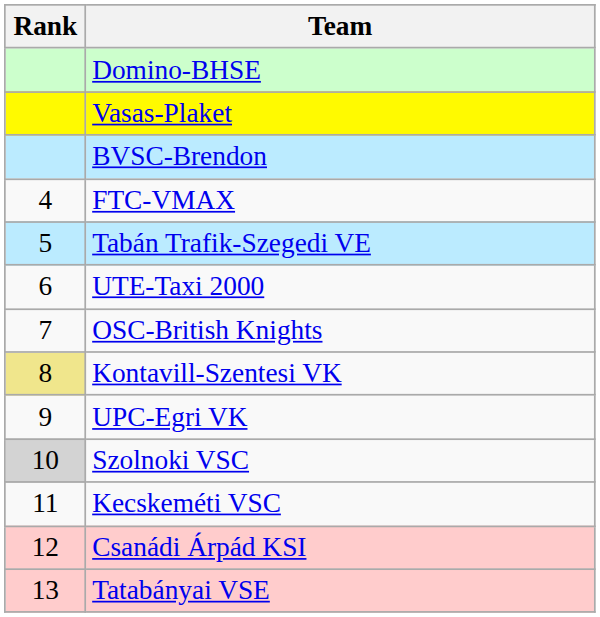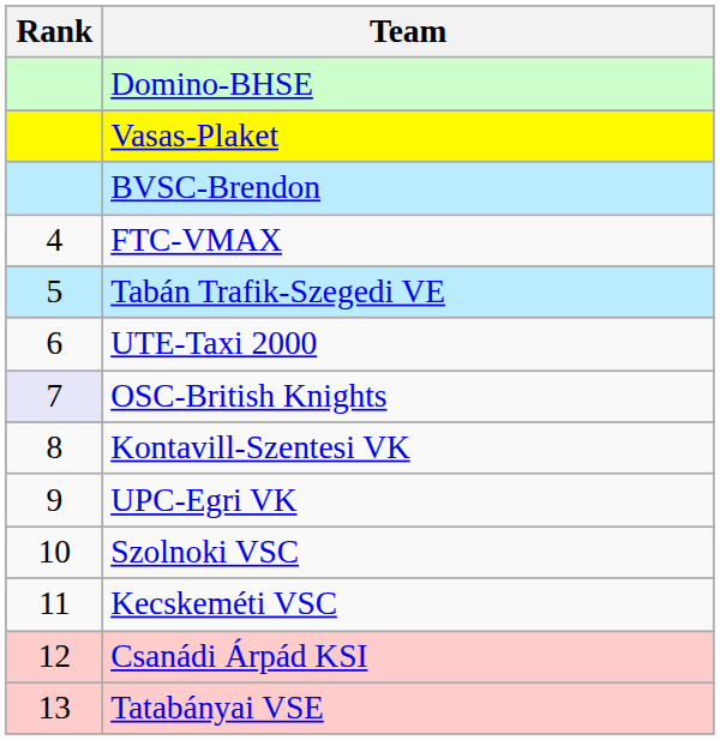 <table class="wikitable">
 <tr>
 <th width=40>Rank</th>
 <th width=290>Team</th>
 </tr>
 <tr bgcolor=#ccffcc>
 <td align="center"></td>
 <td align="left"> <a href='#'>Domino-BHSE</a></td>
 </tr>
 <tr bgcolor=#fffa00>
 <td align="center"></td>
 <td align="left"> <a href='#'>Vasas-Plaket</a></td>
 </tr>
 <tr bgcolor=#bbebff>
 <td align="center"></td>
 <td align="left"> <a href='#'>BVSC-Brendon</a></td>
 </tr>
 <tr>
 <td align="center">4</td>
 <td align="left"> <a href='#'>FTC-VMAX</a></td>
 </tr>
 <tr bgcolor=#bbebff>
 <td align="center">5</td>
 <td align="left"> <a href='#'>Tabán Trafik-Szegedi VE</a></td>
 </tr>
 <tr>
 <td align="center">6</td>
 <td align="left"> <a href='#'>UTE-Taxi 2000</a></td>
 </tr>
 <tr>
-<td align="center">7</td>
+<td align="center" style="background: lavender;">7</td>
 <td align="left"> <a href='#'>OSC-British Knights</a></td>
 </tr>
 <tr>
-<td align="center" style="background: khaki;">8</td>
+<td align="center">8</td>
 <td align="left"> <a href='#'>Kontavill-Szentesi VK</a></td>
 </tr>
 <tr>
 <td align="center">9</td>
 <td align="left"> <a href='#'>UPC-Egri VK</a></td>
 </tr>
 <tr>
-<td align="center" style="background: lightgrey;">10</td>
+<td align="center">10</td>
 <td align="left"> <a href='#'>Szolnoki VSC</a></td>
 </tr>
 <tr>
 <td align="center">11</td>
 <td align="left"> <a href='#'>Kecskeméti VSC</a></td>
 </tr>
 <tr bgcolor=#ffcccc>
 <td align="center">12</td>
 <td align="left"> <a href='#'>Csanádi Árpád KSI</a></td>
 </tr>
 <tr bgcolor=#ffcccc>
 <td align="center">13</td>
 <td align="left"> <a href='#'>Tatabányai VSE</a></td>
 </tr>
 </table>
